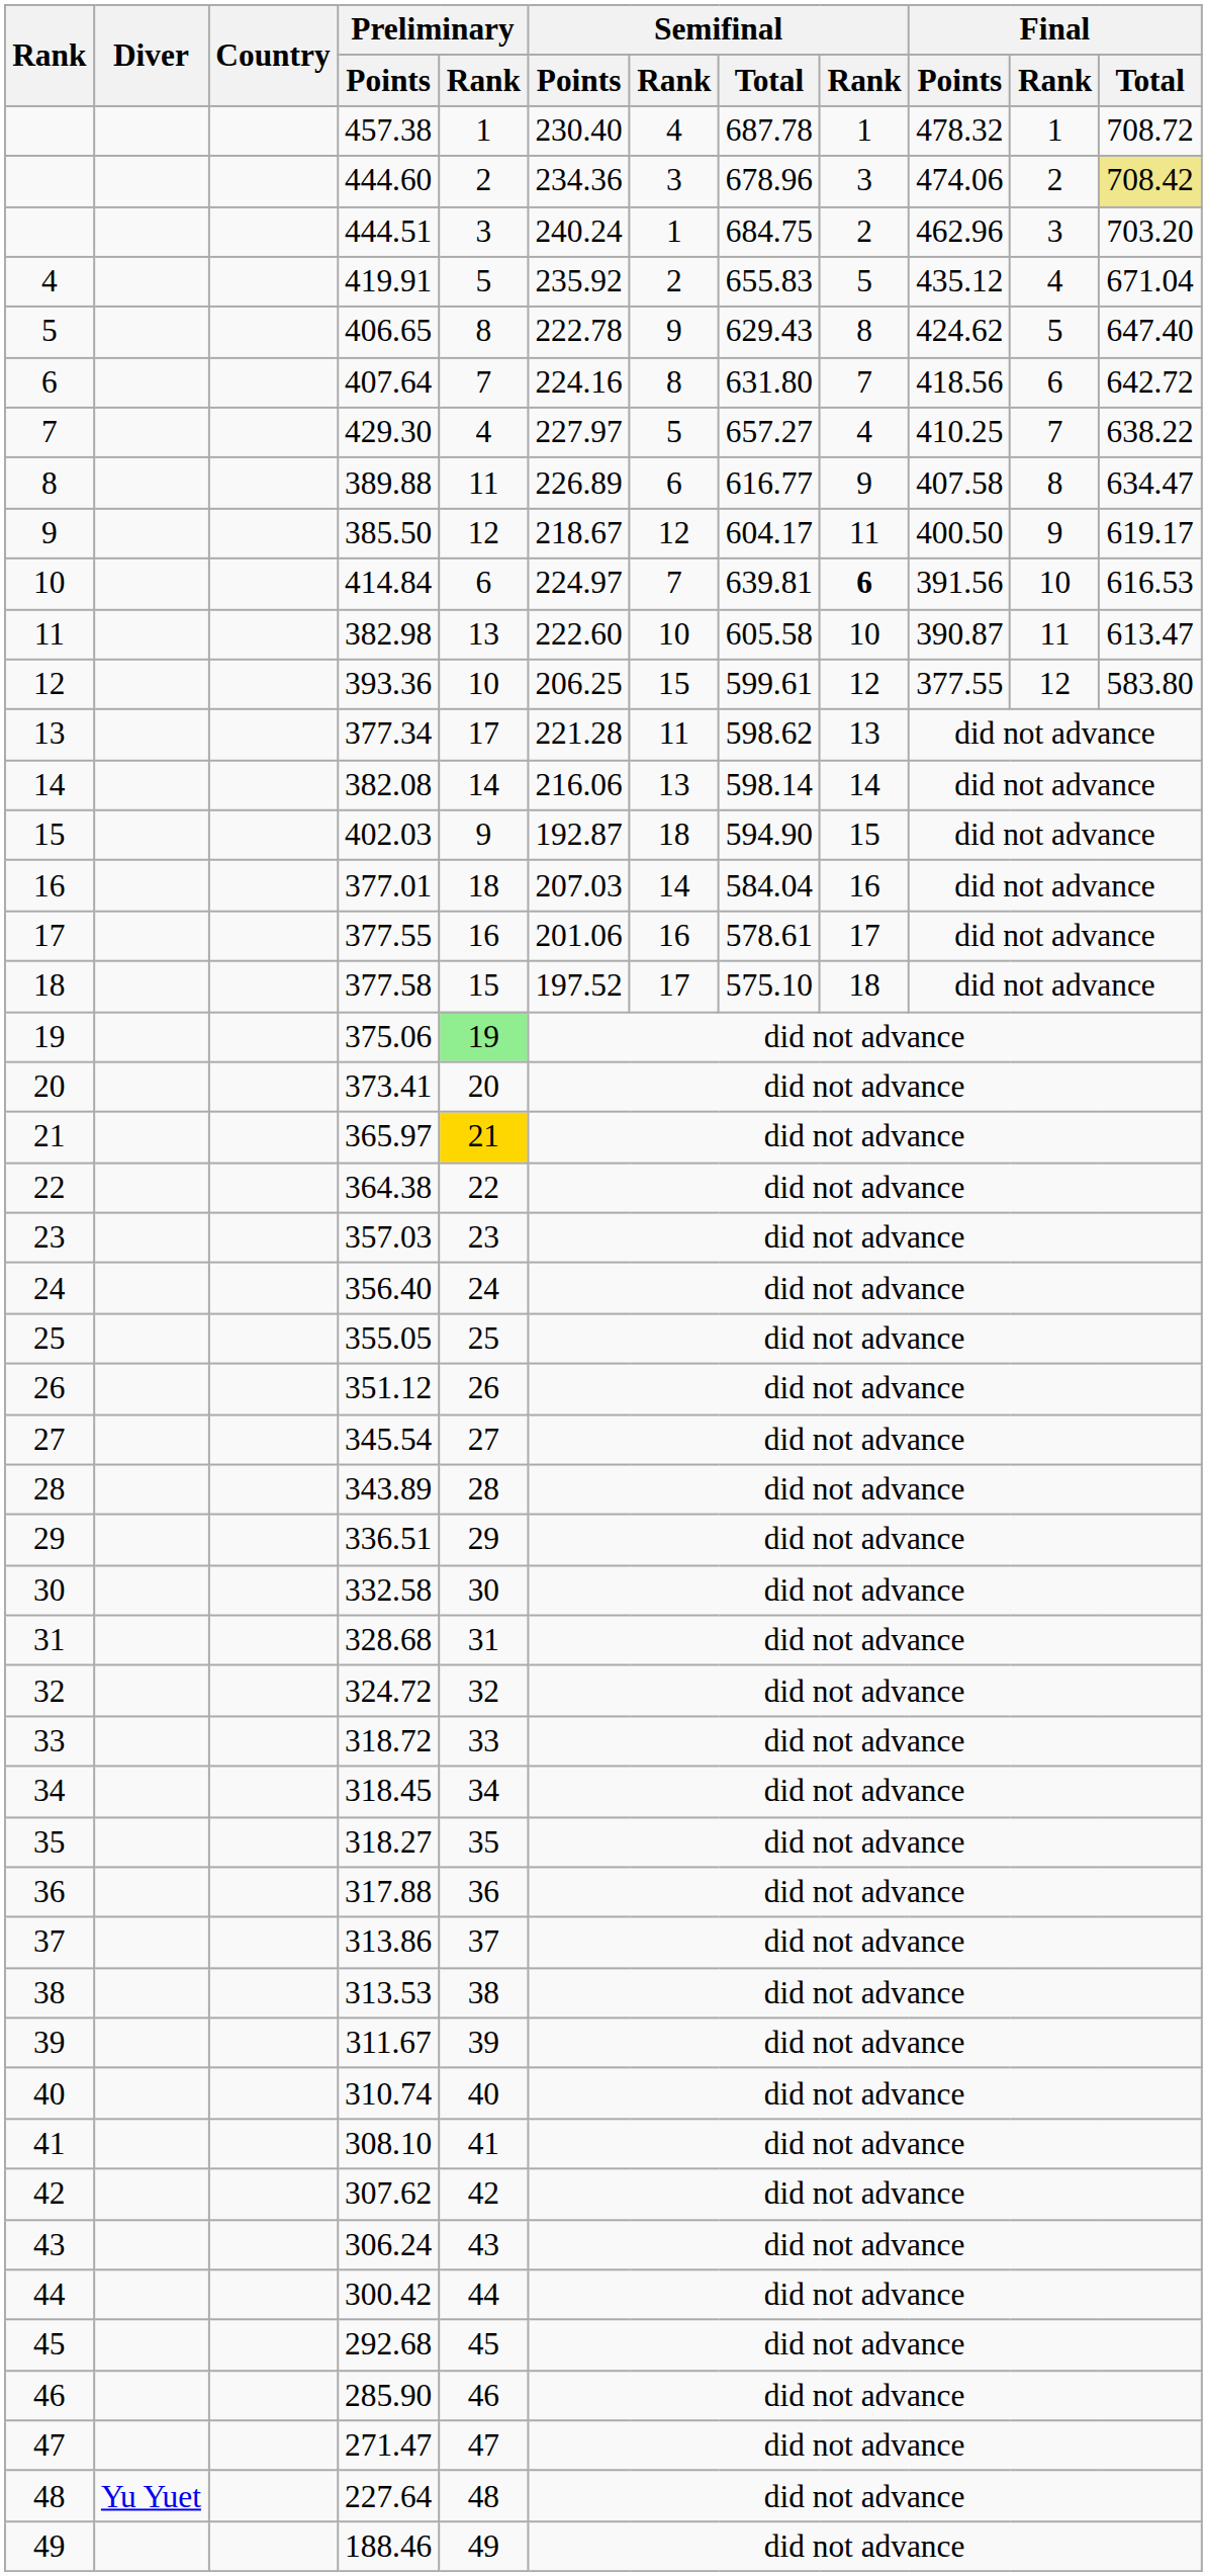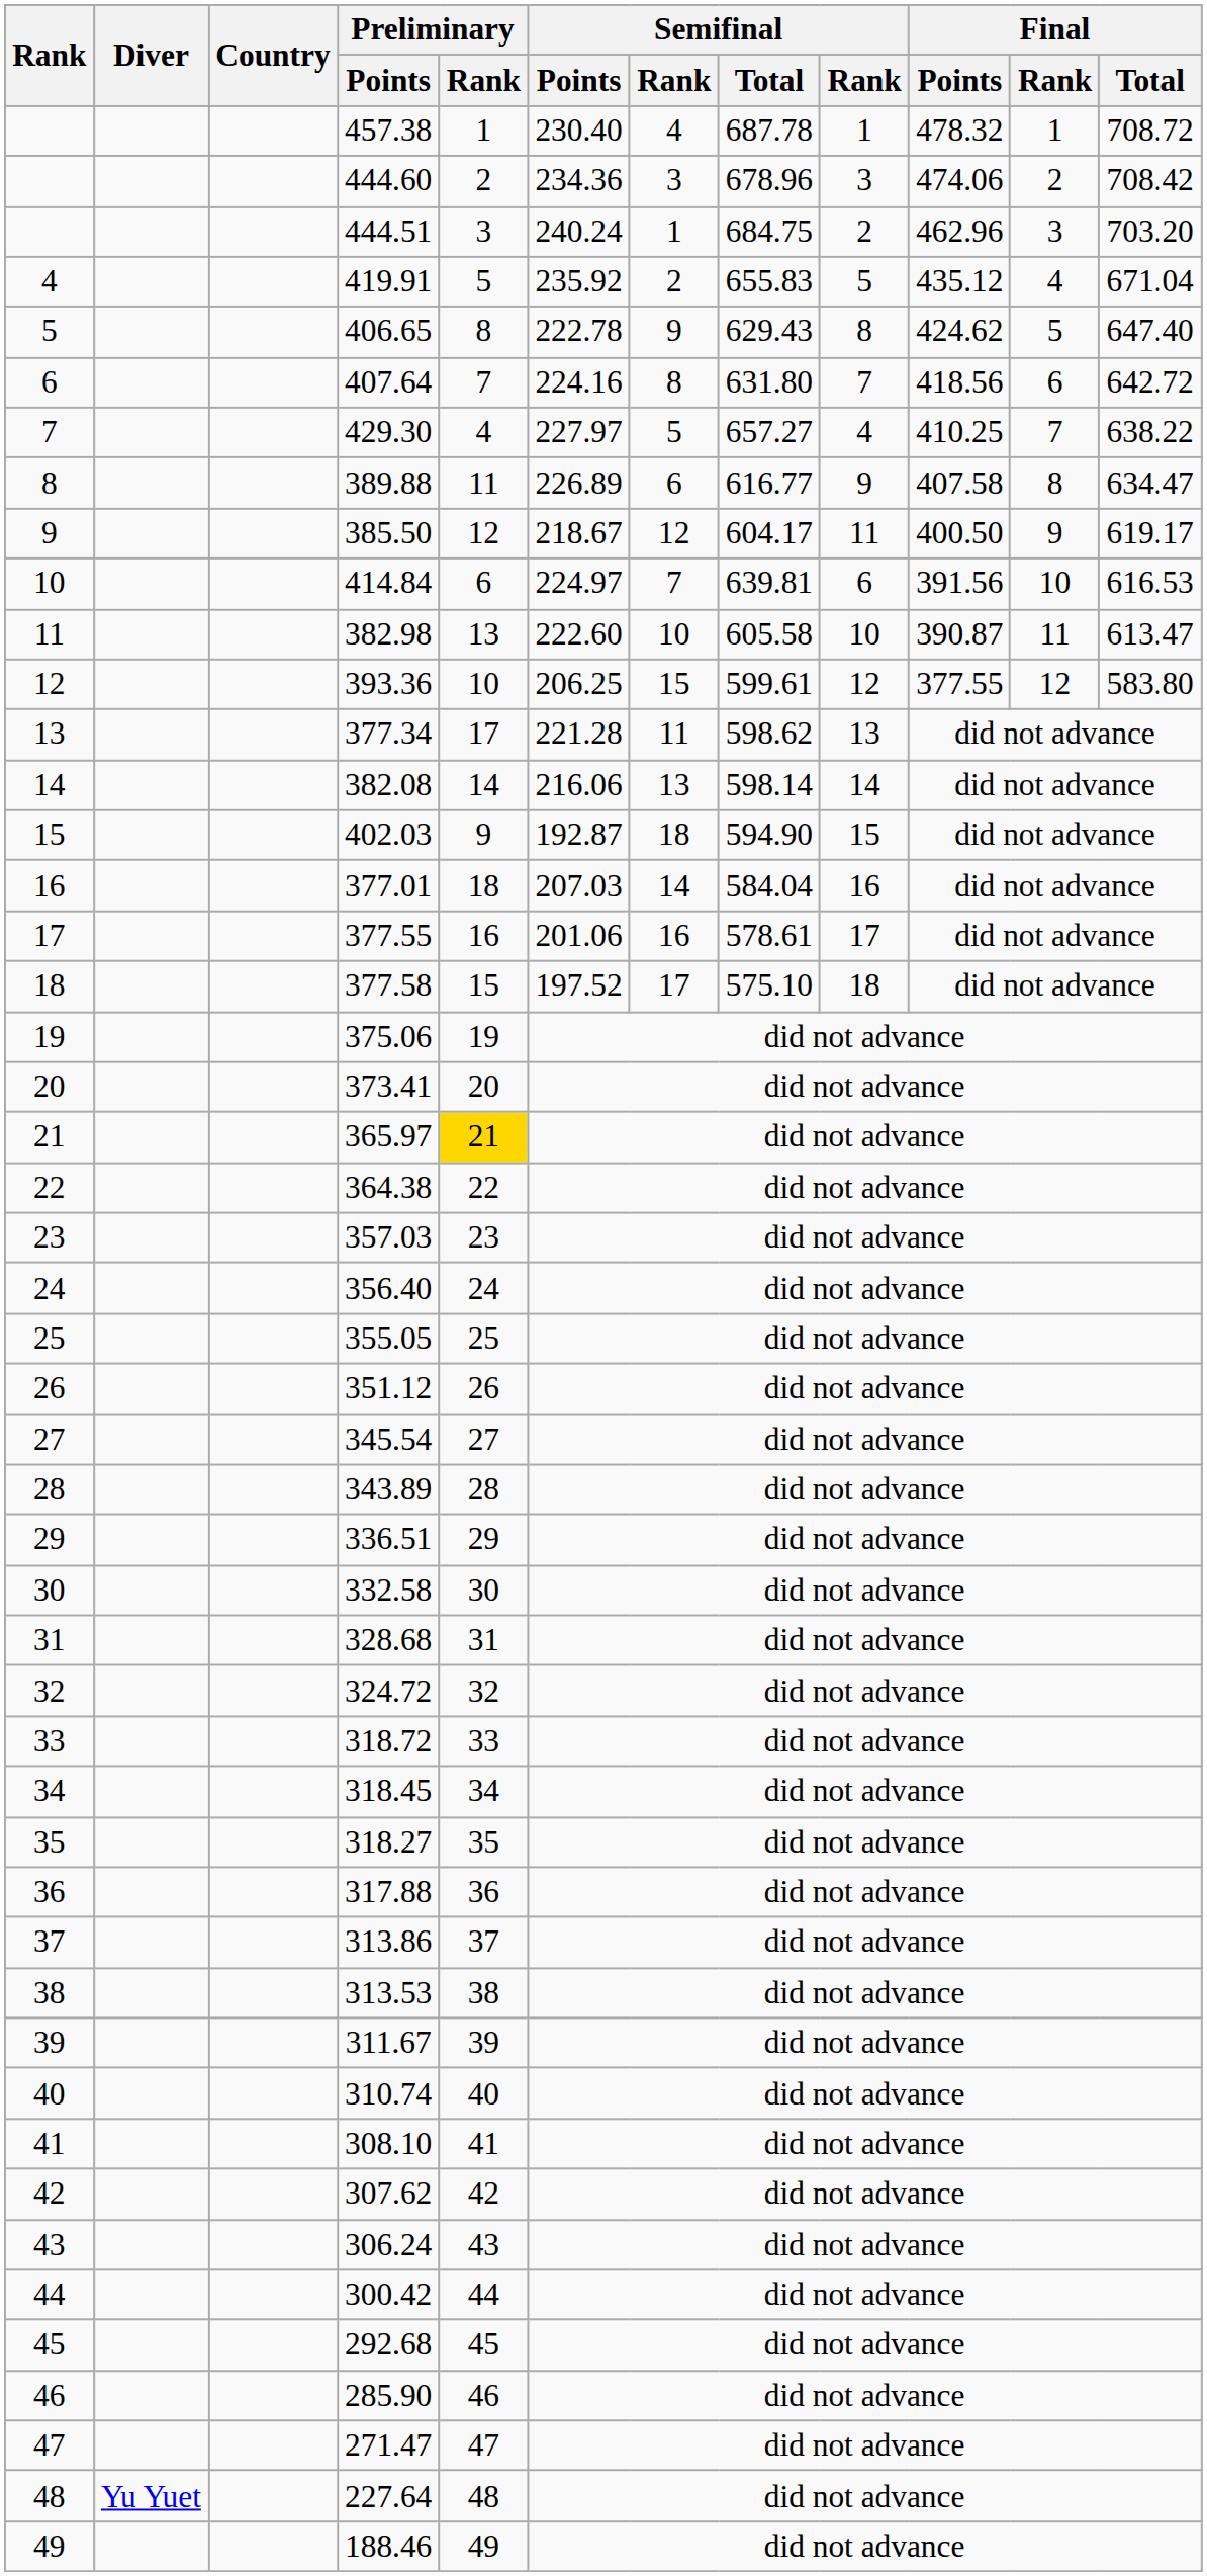 <table class="wikitable sortable" style="text-align:center">
 <tr>
 <th rowspan="2">Rank</th>
 <th rowspan="2">Diver</th>
 <th rowspan="2">Country</th>
 <th colspan="2">Preliminary</th>
 <th colspan="4">Semifinal</th>
 <th colspan="3">Final</th>
 </tr>
 <tr>
 <th>Points</th>
 <th>Rank</th>
 <th>Points</th>
 <th>Rank</th>
 <th>Total</th>
 <th>Rank</th>
 <th>Points</th>
 <th>Rank</th>
 <th>Total</th>
 </tr>
 <tr>
 <td></td>
 <td align=left></td>
 <td align=left></td>
 <td>457.38</td>
 <td>1</td>
 <td>230.40</td>
 <td>4</td>
 <td>687.78</td>
 <td>1</td>
 <td>478.32</td>
 <td>1</td>
 <td>708.72</td>
 </tr>
 <tr>
 <td></td>
 <td align=left></td>
 <td align=left></td>
 <td>444.60</td>
 <td>2</td>
 <td>234.36</td>
 <td>3</td>
 <td>678.96</td>
 <td>3</td>
 <td>474.06</td>
 <td>2</td>
-<td style="background: khaki;">708.42</td>
+<td>708.42</td>
 </tr>
 <tr>
 <td></td>
 <td align=left></td>
 <td align=left></td>
 <td>444.51</td>
 <td>3</td>
 <td>240.24</td>
 <td>1</td>
 <td>684.75</td>
 <td>2</td>
 <td>462.96</td>
 <td>3</td>
 <td>703.20</td>
 </tr>
 <tr>
 <td>4</td>
 <td align=left></td>
 <td align=left></td>
 <td>419.91</td>
 <td>5</td>
 <td>235.92</td>
 <td>2</td>
 <td>655.83</td>
 <td>5</td>
 <td>435.12</td>
 <td>4</td>
 <td>671.04</td>
 </tr>
 <tr>
 <td>5</td>
 <td align=left></td>
 <td align=left></td>
 <td>406.65</td>
 <td>8</td>
 <td>222.78</td>
 <td>9</td>
 <td>629.43</td>
 <td>8</td>
 <td>424.62</td>
 <td>5</td>
 <td>647.40</td>
 </tr>
 <tr>
 <td>6</td>
 <td align=left></td>
 <td align=left></td>
 <td>407.64</td>
 <td>7</td>
 <td>224.16</td>
 <td>8</td>
 <td>631.80</td>
 <td>7</td>
 <td>418.56</td>
 <td>6</td>
 <td>642.72</td>
 </tr>
 <tr>
 <td>7</td>
 <td align=left></td>
 <td align=left></td>
 <td>429.30</td>
 <td>4</td>
 <td>227.97</td>
 <td>5</td>
 <td>657.27</td>
 <td>4</td>
 <td>410.25</td>
 <td>7</td>
 <td>638.22</td>
 </tr>
 <tr>
 <td>8</td>
 <td align=left></td>
 <td align=left></td>
 <td>389.88</td>
 <td>11</td>
 <td>226.89</td>
 <td>6</td>
 <td>616.77</td>
 <td>9</td>
 <td>407.58</td>
 <td>8</td>
 <td>634.47</td>
 </tr>
 <tr>
 <td>9</td>
 <td align=left></td>
 <td align=left></td>
 <td>385.50</td>
 <td>12</td>
 <td>218.67</td>
 <td>12</td>
 <td>604.17</td>
 <td>11</td>
 <td>400.50</td>
 <td>9</td>
 <td>619.17</td>
 </tr>
 <tr>
 <td>10</td>
 <td align=left></td>
 <td align=left></td>
 <td>414.84</td>
 <td>6</td>
 <td>224.97</td>
 <td>7</td>
 <td>639.81</td>
-<td><strong>6</strong></td>
+<td>6</td>
 <td>391.56</td>
 <td>10</td>
 <td>616.53</td>
 </tr>
 <tr>
 <td>11</td>
 <td align=left></td>
 <td align=left></td>
 <td>382.98</td>
 <td>13</td>
 <td>222.60</td>
 <td>10</td>
 <td>605.58</td>
 <td>10</td>
 <td>390.87</td>
 <td>11</td>
 <td>613.47</td>
 </tr>
 <tr>
 <td>12</td>
 <td align=left></td>
 <td align=left></td>
 <td>393.36</td>
 <td>10</td>
 <td>206.25</td>
 <td>15</td>
 <td>599.61</td>
 <td>12</td>
 <td>377.55</td>
 <td>12</td>
 <td>583.80</td>
 </tr>
 <tr>
 <td>13</td>
 <td align=left></td>
 <td align=left></td>
 <td>377.34</td>
 <td>17</td>
 <td>221.28</td>
 <td>11</td>
 <td>598.62</td>
 <td>13</td>
 <td colspan=3>did not advance</td>
 </tr>
 <tr>
 <td>14</td>
 <td align=left></td>
 <td align=left></td>
 <td>382.08</td>
 <td>14</td>
 <td>216.06</td>
 <td>13</td>
 <td>598.14</td>
 <td>14</td>
 <td colspan=3>did not advance</td>
 </tr>
 <tr>
 <td>15</td>
 <td align=left></td>
 <td align=left></td>
 <td>402.03</td>
 <td>9</td>
 <td>192.87</td>
 <td>18</td>
 <td>594.90</td>
 <td>15</td>
 <td colspan=3>did not advance</td>
 </tr>
 <tr>
 <td>16</td>
 <td align=left></td>
 <td align=left></td>
 <td>377.01</td>
 <td>18</td>
 <td>207.03</td>
 <td>14</td>
 <td>584.04</td>
 <td>16</td>
 <td colspan=3>did not advance</td>
 </tr>
 <tr>
 <td>17</td>
 <td align=left></td>
 <td align=left></td>
 <td>377.55</td>
 <td>16</td>
 <td>201.06</td>
 <td>16</td>
 <td>578.61</td>
 <td>17</td>
 <td colspan=3>did not advance</td>
 </tr>
 <tr>
 <td>18</td>
 <td align=left></td>
 <td align=left></td>
 <td>377.58</td>
 <td>15</td>
 <td>197.52</td>
 <td>17</td>
 <td>575.10</td>
 <td>18</td>
 <td colspan=3>did not advance</td>
 </tr>
 <tr>
 <td>19</td>
 <td align=left></td>
 <td align=left></td>
 <td>375.06</td>
-<td style="background: lightgreen;">19</td>
+<td>19</td>
 <td colspan=7>did not advance</td>
 </tr>
 <tr>
 <td>20</td>
 <td align=left></td>
 <td align=left></td>
 <td>373.41</td>
 <td>20</td>
 <td colspan=7>did not advance</td>
 </tr>
 <tr>
 <td>21</td>
 <td align=left></td>
 <td align=left></td>
 <td>365.97</td>
 <td style="background: gold;">21</td>
 <td colspan=7>did not advance</td>
 </tr>
 <tr>
 <td>22</td>
 <td align=left></td>
 <td align=left></td>
 <td>364.38</td>
 <td>22</td>
 <td colspan=7>did not advance</td>
 </tr>
 <tr>
 <td>23</td>
 <td align=left></td>
 <td align=left></td>
 <td>357.03</td>
 <td>23</td>
 <td colspan=7>did not advance</td>
 </tr>
 <tr>
 <td>24</td>
 <td align=left></td>
 <td align=left></td>
 <td>356.40</td>
 <td>24</td>
 <td colspan=7>did not advance</td>
 </tr>
 <tr>
 <td>25</td>
 <td align=left></td>
 <td align=left></td>
 <td>355.05</td>
 <td>25</td>
 <td colspan=7>did not advance</td>
 </tr>
 <tr>
 <td>26</td>
 <td align=left></td>
 <td align=left></td>
 <td>351.12</td>
 <td>26</td>
 <td colspan=7>did not advance</td>
 </tr>
 <tr>
 <td>27</td>
 <td align=left></td>
 <td align=left></td>
 <td>345.54</td>
 <td>27</td>
 <td colspan=7>did not advance</td>
 </tr>
 <tr>
 <td>28</td>
 <td align=left></td>
 <td align=left></td>
 <td>343.89</td>
 <td>28</td>
 <td colspan=7>did not advance</td>
 </tr>
 <tr>
 <td>29</td>
 <td align=left></td>
 <td align=left></td>
 <td>336.51</td>
 <td>29</td>
 <td colspan=7>did not advance</td>
 </tr>
 <tr>
 <td>30</td>
 <td align=left></td>
 <td align=left></td>
 <td>332.58</td>
 <td>30</td>
 <td colspan=7>did not advance</td>
 </tr>
 <tr>
 <td>31</td>
 <td align=left></td>
 <td align=left></td>
 <td>328.68</td>
 <td>31</td>
 <td colspan=7>did not advance</td>
 </tr>
 <tr>
 <td>32</td>
 <td align=left></td>
 <td align=left></td>
 <td>324.72</td>
 <td>32</td>
 <td colspan=7>did not advance</td>
 </tr>
 <tr>
 <td>33</td>
 <td align=left></td>
 <td align=left></td>
 <td>318.72</td>
 <td>33</td>
 <td colspan=7>did not advance</td>
 </tr>
 <tr>
 <td>34</td>
 <td align=left></td>
 <td align=left></td>
 <td>318.45</td>
 <td>34</td>
 <td colspan=7>did not advance</td>
 </tr>
 <tr>
 <td>35</td>
 <td align=left></td>
 <td align=left></td>
 <td>318.27</td>
 <td>35</td>
 <td colspan=7>did not advance</td>
 </tr>
 <tr>
 <td>36</td>
 <td align=left></td>
 <td align=left></td>
 <td>317.88</td>
 <td>36</td>
 <td colspan=7>did not advance</td>
 </tr>
 <tr>
 <td>37</td>
 <td align=left></td>
 <td align=left></td>
 <td>313.86</td>
 <td>37</td>
 <td colspan=7>did not advance</td>
 </tr>
 <tr>
 <td>38</td>
 <td align=left></td>
 <td align=left></td>
 <td>313.53</td>
 <td>38</td>
 <td colspan=7>did not advance</td>
 </tr>
 <tr>
 <td>39</td>
 <td align=left></td>
 <td align=left></td>
 <td>311.67</td>
 <td>39</td>
 <td colspan=7>did not advance</td>
 </tr>
 <tr>
 <td>40</td>
 <td align=left></td>
 <td align=left></td>
 <td>310.74</td>
 <td>40</td>
 <td colspan=7>did not advance</td>
 </tr>
 <tr>
 <td>41</td>
 <td align=left></td>
 <td align=left></td>
 <td>308.10</td>
 <td>41</td>
 <td colspan=7>did not advance</td>
 </tr>
 <tr>
 <td>42</td>
 <td align=left></td>
 <td align=left></td>
 <td>307.62</td>
 <td>42</td>
 <td colspan=7>did not advance</td>
 </tr>
 <tr>
 <td>43</td>
 <td align=left></td>
 <td align=left></td>
 <td>306.24</td>
 <td>43</td>
 <td colspan=7>did not advance</td>
 </tr>
 <tr>
 <td>44</td>
 <td align=left></td>
 <td align=left></td>
 <td>300.42</td>
 <td>44</td>
 <td colspan=7>did not advance</td>
 </tr>
 <tr>
 <td>45</td>
 <td align=left></td>
 <td align=left></td>
 <td>292.68</td>
 <td>45</td>
 <td colspan=7>did not advance</td>
 </tr>
 <tr>
 <td>46</td>
 <td align=left></td>
 <td align=left></td>
 <td>285.90</td>
 <td>46</td>
 <td colspan=7>did not advance</td>
 </tr>
 <tr>
 <td>47</td>
 <td align=left></td>
 <td align=left></td>
 <td>271.47</td>
 <td>47</td>
 <td colspan=7>did not advance</td>
 </tr>
 <tr>
 <td>48</td>
 <td align=left><a href='#'>Yu Yuet</a></td>
 <td align=left></td>
 <td>227.64</td>
 <td>48</td>
 <td colspan=7>did not advance</td>
 </tr>
 <tr>
 <td>49</td>
 <td align=left></td>
 <td align=left></td>
 <td>188.46</td>
 <td>49</td>
 <td colspan=7>did not advance</td>
 </tr>
 </table>
